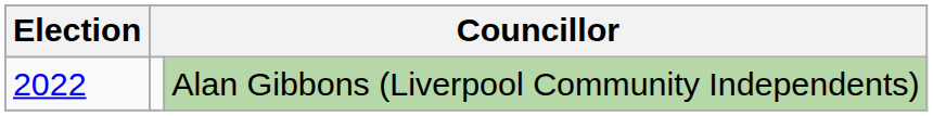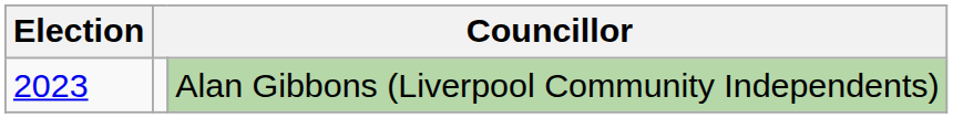 <table class="wikitable">
 <tr>
 <th>Election</th>
 <th colspan="2">Councillor</th>
 </tr>
 <tr>
-<td><a href='#'>2022</a></td>
+<td><a href='#'>2023</a></td>
 <td style="background-color: "></td>
 <td bgcolor="#B6D7A8">Alan Gibbons (Liverpool Community Independents)</td>
 </tr>
 </table>
